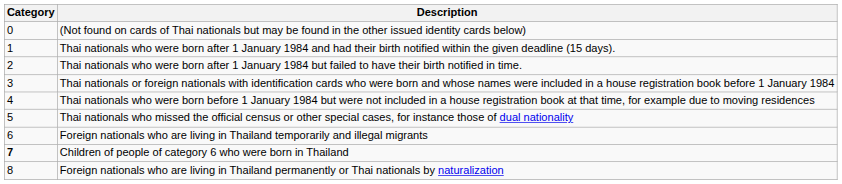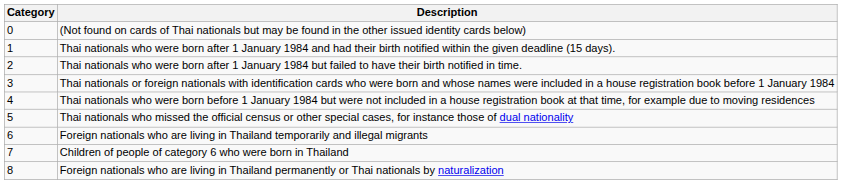 <table class="wikitable">
 <tr>
 <th>Category</th>
 <th>Description</th>
 </tr>
 <tr>
 <td>0</td>
 <td>(Not found on cards of Thai nationals but may be found in the other issued identity cards below)</td>
 </tr>
 <tr>
 <td>1</td>
 <td>Thai nationals who were born after 1 January 1984 and had their birth notified within the given deadline (15 days).</td>
 </tr>
 <tr>
 <td>2</td>
 <td>Thai nationals who were born after 1 January 1984 but failed to have their birth notified in time.</td>
 </tr>
 <tr>
 <td>3</td>
 <td>Thai nationals or foreign nationals with identification cards who were born and whose names were included in a house registration book before 1 January 1984</td>
 </tr>
 <tr>
 <td>4</td>
 <td>Thai nationals who were born before 1 January 1984 but were not included in a house registration book at that time, for example due to moving residences</td>
 </tr>
 <tr>
 <td>5</td>
 <td>Thai nationals who missed the official census or other special cases, for instance those of <a href='#'>dual nationality</a></td>
 </tr>
 <tr>
 <td>6</td>
 <td>Foreign nationals who are living in Thailand temporarily and illegal migrants</td>
 </tr>
 <tr>
-<td><strong>7</strong></td>
+<td>7</td>
 <td>Children of people of category 6 who were born in Thailand</td>
 </tr>
 <tr>
 <td>8</td>
 <td>Foreign nationals who are living in Thailand permanently or Thai nationals by <a href='#'>naturalization</a></td>
 </tr>
 </table>
